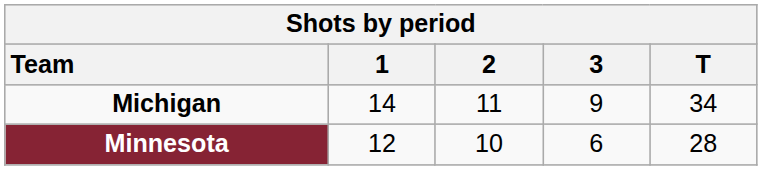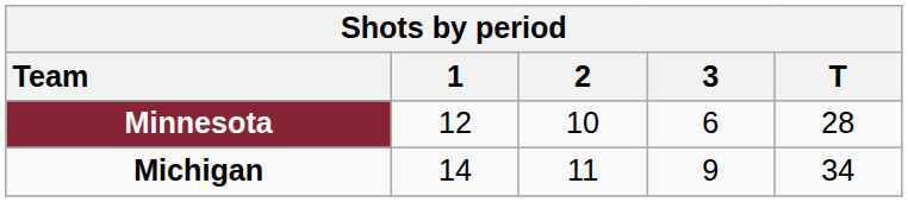 <table class="wikitable" style="width:30em; text-align:right;">
 <tr>
 <th colspan=5>Shots by period</th>
 </tr>
 <tr>
 <th style="width:10em; text-align:left;">Team</th>
 <th style="width:3em;">1</th>
 <th style="width:3em;">2</th>
 <th style="width:3em;">3</th>
 <th style="width:3em;">T</th>
 </tr>
 <tr>
+<td align=center style="color:white; background:#862334; "><strong>Minnesota</strong></td>
+<td align=center>12</td>
+<td align=center>10</td>
+<td align=center>6</td>
+<td align=center>28</td>
+</tr>
+<tr>
 <td align=center><strong>Michigan</strong></td>
 <td align=center>14</td>
 <td align=center>11</td>
 <td align=center>9</td>
 <td align=center>34</td>
 </tr>
-<tr>
-<td align=center style="color:white; background:#862334; "><strong>Minnesota</strong></td>
-<td align=center>12</td>
-<td align=center>10</td>
-<td align=center>6</td>
-<td align=center>28</td>
-</tr>
 </table>
